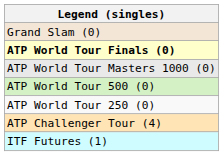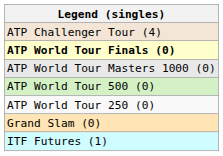 <table class="wikitable">
 <tr>
 <th>Legend (singles)</th>
 </tr>
 <tr style="background:#f3e6d7;">
-<td>Grand Slam (0)</td>
+<td>ATP Challenger Tour (4)</td>
 </tr>
 <tr bgcolor="ffffcc">
 <td><strong>ATP World Tour Finals (0)</strong></td>
 </tr>
 <tr style="background:#e9e9e9;">
 <td>ATP World Tour Masters 1000 (0)</td>
 </tr>
 <tr style="background:#d4f1c5;">
 <td>ATP World Tour 500 (0)</td>
 </tr>
 <tr>
 <td>ATP World Tour 250 (0)</td>
 </tr>
 <tr bgcolor="moccasin">
-<td>ATP Challenger Tour (4)</td>
+<td>Grand Slam (0)</td>
 </tr>
 <tr bgcolor="CFFCFF">
 <td>ITF Futures (1)</td>
 </tr>
 </table>
